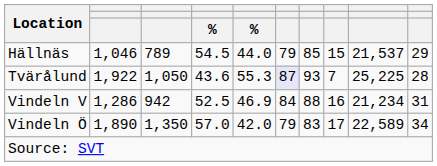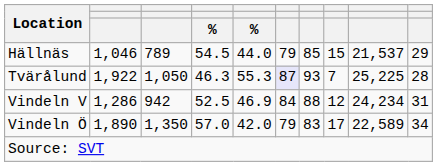 <table role="presentation" class="wikitable sortable mw-collapsible">
 <tr>
 <th rowspan="3">Location</th>
 <th></th>
 <th></th>
 <th></th>
 <th></th>
 <th></th>
 <th></th>
 <th></th>
 <th></th>
 <th></th>
 </tr>
 <tr>
 <th></th>
 <th></th>
 <th style="background:"></th>
 <th style="background:"></th>
 <th></th>
 <th></th>
 <th></th>
 <th></th>
 <th></th>
 </tr>
 <tr>
 <th data-sort-type="number"></th>
 <th data-sort-type="number"></th>
 <th data-sort-type="number">%</th>
 <th data-sort-type="number">%</th>
 <th data-sort-type="number"></th>
 <th data-sort-type="number"></th>
 <th data-sort-type="number"></th>
 <th data-sort-type="number"></th>
 <th data-sort-type="number"></th>
 </tr>
 <tr>
 <td align="left">Hällnäs</td>
 <td>1,046</td>
 <td>789</td>
 <td>54.5</td>
 <td>44.0</td>
 <td>79</td>
 <td>85</td>
 <td>15</td>
 <td>21,537</td>
 <td>29</td>
 </tr>
 <tr>
 <td align="left">Tvärålund</td>
 <td>1,922</td>
 <td>1,050</td>
-<td>43.6</td>
+<td>46.3</td>
 <td>55.3</td>
 <td style="background: lavender;">87</td>
 <td>93</td>
 <td>7</td>
 <td>25,225</td>
 <td>28</td>
 </tr>
 <tr>
 <td align="left">Vindeln V</td>
 <td>1,286</td>
 <td>942</td>
 <td>52.5</td>
 <td>46.9</td>
 <td>84</td>
 <td>88</td>
-<td>16</td>
-<td>21,234</td>
+<td>12</td>
+<td>24,234</td>
 <td>31</td>
 </tr>
 <tr>
 <td align="left">Vindeln Ö</td>
 <td>1,890</td>
 <td>1,350</td>
 <td>57.0</td>
 <td>42.0</td>
 <td>79</td>
 <td>83</td>
 <td>17</td>
 <td>22,589</td>
 <td>34</td>
 </tr>
 <tr>
 <td colspan="10" align="left">Source: <a href='#'>SVT</a></td>
 </tr>
 </table>
